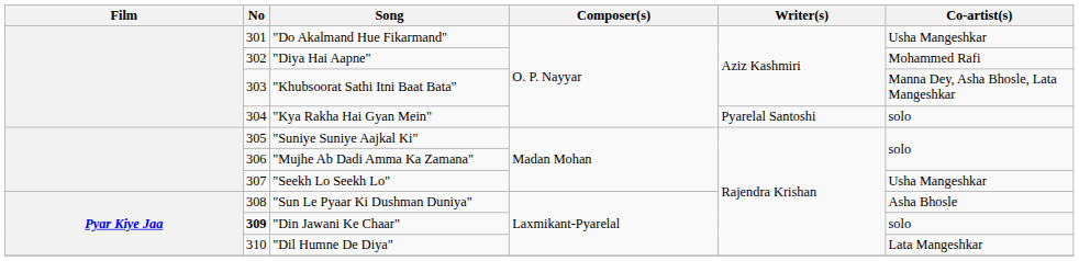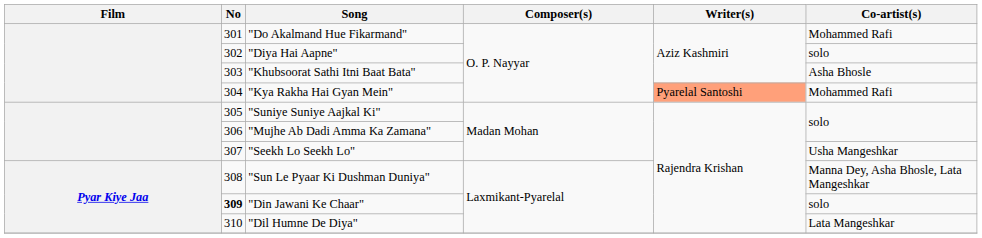 <table class="wikitable plainrowheaders" width="100%" textcolor:#000;">
 <tr style="background:#b0e0e66;">
 <th scope="col" width=23%><strong>Film</strong></th>
 <th><strong>No</strong></th>
 <th scope="col" width=23%><strong>Song</strong></th>
 <th scope="col" width=20%><strong>Composer(s)</strong></th>
 <th scope="col" width=16%><strong>Writer(s)</strong></th>
 <th scope="col" width=18%><strong>Co-artist(s)</strong></th>
 </tr>
 <tr>
 <th rowspan=4><em></em></th>
 <td>301</td>
 <td>"Do Akalmand Hue Fikarmand"</td>
 <td rowspan=4>O. P. Nayyar</td>
 <td rowspan=3>Aziz Kashmiri</td>
-<td>Usha Mangeshkar</td>
+<td>Mohammed Rafi</td>
 </tr>
 <tr>
 <td>302</td>
 <td>"Diya Hai Aapne"</td>
-<td>Mohammed Rafi</td>
+<td>solo</td>
 </tr>
 <tr>
 <td>303</td>
 <td>"Khubsoorat Sathi Itni Baat Bata"</td>
-<td>Manna Dey, Asha Bhosle, Lata Mangeshkar</td>
+<td>Asha Bhosle</td>
 </tr>
 <tr>
 <td>304</td>
 <td>"Kya Rakha Hai Gyan Mein"</td>
-<td>Pyarelal Santoshi</td>
-<td>solo</td>
+<td style="background: lightsalmon;">Pyarelal Santoshi</td>
+<td>Mohammed Rafi</td>
 </tr>
 <tr>
 <th rowspan=3><em></em></th>
 <td>305</td>
 <td>"Suniye Suniye Aajkal Ki"</td>
 <td rowspan=3>Madan Mohan</td>
 <td rowspan=6>Rajendra Krishan</td>
 <td rowspan=2>solo</td>
 </tr>
 <tr>
 <td>306</td>
 <td>"Mujhe Ab Dadi Amma Ka Zamana"</td>
 </tr>
 <tr>
 <td>307</td>
 <td>"Seekh Lo Seekh Lo"</td>
 <td>Usha Mangeshkar</td>
 </tr>
 <tr>
 <th rowspan=3><em><a href='#'>Pyar Kiye Jaa</a></em></th>
 <td>308</td>
 <td>"Sun Le Pyaar Ki Dushman Duniya"</td>
 <td rowspan=3>Laxmikant-Pyarelal</td>
-<td>Asha Bhosle</td>
+<td>Manna Dey, Asha Bhosle, Lata Mangeshkar</td>
 </tr>
 <tr>
 <td><strong>309</strong></td>
 <td>"Din Jawani Ke Chaar"</td>
 <td>solo</td>
 </tr>
 <tr>
 <td>310</td>
 <td>"Dil Humne De Diya"</td>
 <td>Lata Mangeshkar</td>
 </tr>
 <tr>
 </tr>
 </table>
